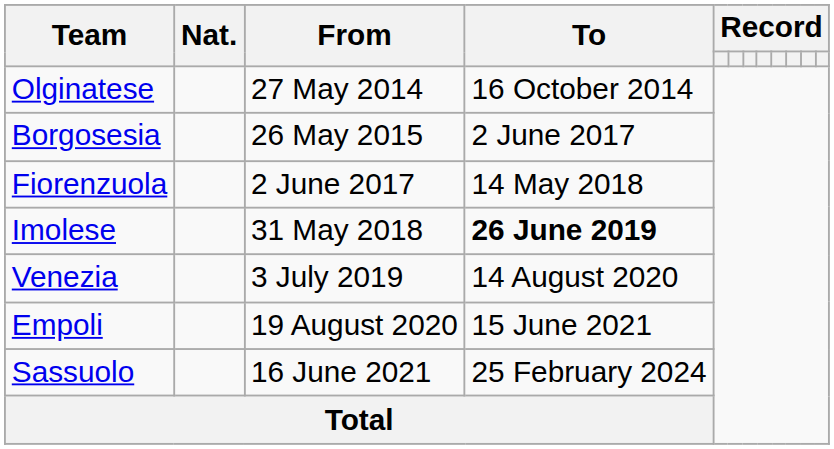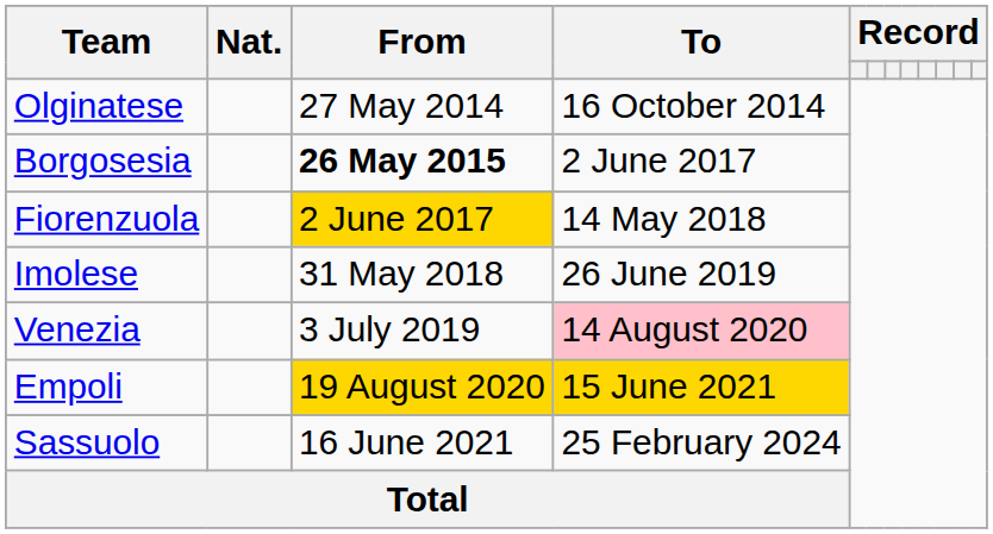 <table class="wikitable" style="text-align: center">
 <tr>
 <th rowspan="2">Team</th>
 <th rowspan="2">Nat.</th>
 <th rowspan="2">From</th>
 <th rowspan="2">To</th>
 <th colspan="8">Record</th>
 </tr>
 <tr>
 <th></th>
 <th></th>
 <th></th>
 <th></th>
 <th></th>
 <th></th>
 <th></th>
 <th></th>
 </tr>
 <tr>
 <td align=left><a href='#'>Olginatese</a></td>
 <td></td>
 <td align=left>27 May 2014</td>
 <td align=left>16 October 2014<br></td>
 </tr>
 <tr>
 <td align=left><a href='#'>Borgosesia</a></td>
 <td></td>
-<td align=left>26 May 2015</td>
+<td align=left><strong>26 May 2015</strong></td>
 <td align=left>2 June 2017<br></td>
 </tr>
 <tr>
 <td align=left><a href='#'>Fiorenzuola</a></td>
 <td></td>
-<td align=left>2 June 2017</td>
+<td align=left style="background: gold;">2 June 2017</td>
 <td align=left>14 May 2018<br></td>
 </tr>
 <tr>
 <td align=left><a href='#'>Imolese</a></td>
 <td></td>
 <td align=left>31 May 2018</td>
-<td align=left><strong>26 June 2019<br></strong></td>
+<td align=left>26 June 2019<br></td>
 </tr>
 <tr>
 <td align=left><a href='#'>Venezia</a></td>
 <td></td>
 <td align=left>3 July 2019</td>
-<td align=left>14 August 2020<br></td>
+<td align=left style="background: pink;">14 August 2020<br></td>
 </tr>
 <tr>
 <td align=left><a href='#'>Empoli</a></td>
 <td></td>
-<td align=left>19 August 2020</td>
-<td align=left>15 June 2021<br></td>
+<td align=left style="background: gold;">19 August 2020</td>
+<td align=left style="background: gold;">15 June 2021<br></td>
 </tr>
 <tr>
 <td align=left><a href='#'>Sassuolo</a></td>
 <td></td>
 <td align=left>16 June 2021</td>
 <td align=left>25 February 2024<br></td>
 </tr>
 <tr>
 <th colspan="4">Total<br></th>
 </tr>
 </table>
